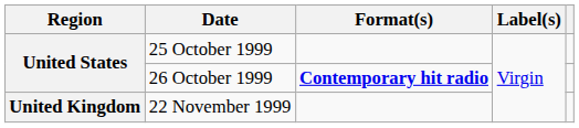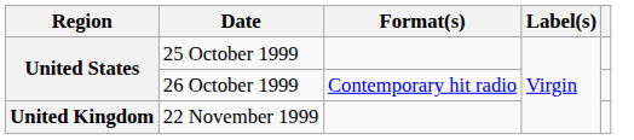 <table class="wikitable plainrowheaders">
 <tr>
 <th scope="col">Region</th>
 <th scope="col">Date</th>
 <th scope="col">Format(s)</th>
 <th scope="col">Label(s)</th>
 <th scope="col"></th>
 </tr>
 <tr>
 <th scope="row" rowspan="2">United States</th>
 <td>25 October 1999</td>
 <td></td>
 <td rowspan="3"><a href='#'>Virgin</a></td>
 <td></td>
 </tr>
 <tr>
 <td>26 October 1999</td>
-<td><strong><a href='#'>Contemporary hit radio</a></strong></td>
+<td><a href='#'>Contemporary hit radio</a></td>
 <td></td>
 </tr>
 <tr>
 <th scope="row">United Kingdom</th>
 <td>22 November 1999</td>
 <td></td>
 <td></td>
 </tr>
 </table>
